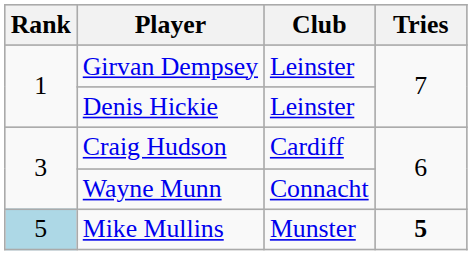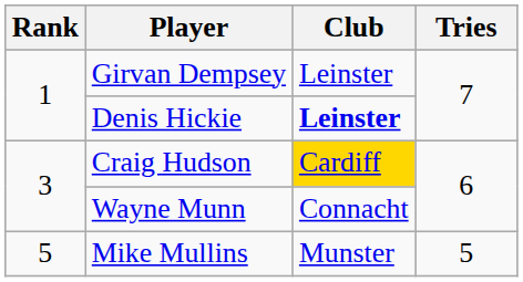 <table class="wikitable">
 <tr>
 <th>Rank</th>
 <th>Player</th>
 <th>Club</th>
 <th style="width:50px;">Tries</th>
 </tr>
 <tr>
 <td rowspan="2" style="text-align:center;">1</td>
 <td> <a href='#'>Girvan Dempsey</a></td>
 <td> <a href='#'>Leinster</a></td>
 <td rowspan="2" style="text-align:center;">7</td>
 </tr>
 <tr>
 <td> <a href='#'>Denis Hickie</a></td>
-<td> <a href='#'>Leinster</a></td>
+<td><strong> <a href='#'>Leinster</a></strong></td>
 </tr>
 <tr>
 <td rowspan="2" style="text-align:center;">3</td>
 <td> <a href='#'>Craig Hudson</a></td>
-<td> <a href='#'>Cardiff</a></td>
+<td style="background: gold;"> <a href='#'>Cardiff</a></td>
 <td rowspan="2" style="text-align:center;">6</td>
 </tr>
 <tr>
 <td> <a href='#'>Wayne Munn</a></td>
 <td> <a href='#'>Connacht</a></td>
 </tr>
 <tr>
-<td rowspan="1" style="background: lightblue; text-align:center;">5</td>
+<td rowspan="1" style="text-align:center;">5</td>
 <td> <a href='#'>Mike Mullins</a></td>
 <td> <a href='#'>Munster</a></td>
-<td rowspan="1" style="text-align:center;"><strong>5</strong></td>
+<td rowspan="1" style="text-align:center;">5</td>
 </tr>
 </table>
